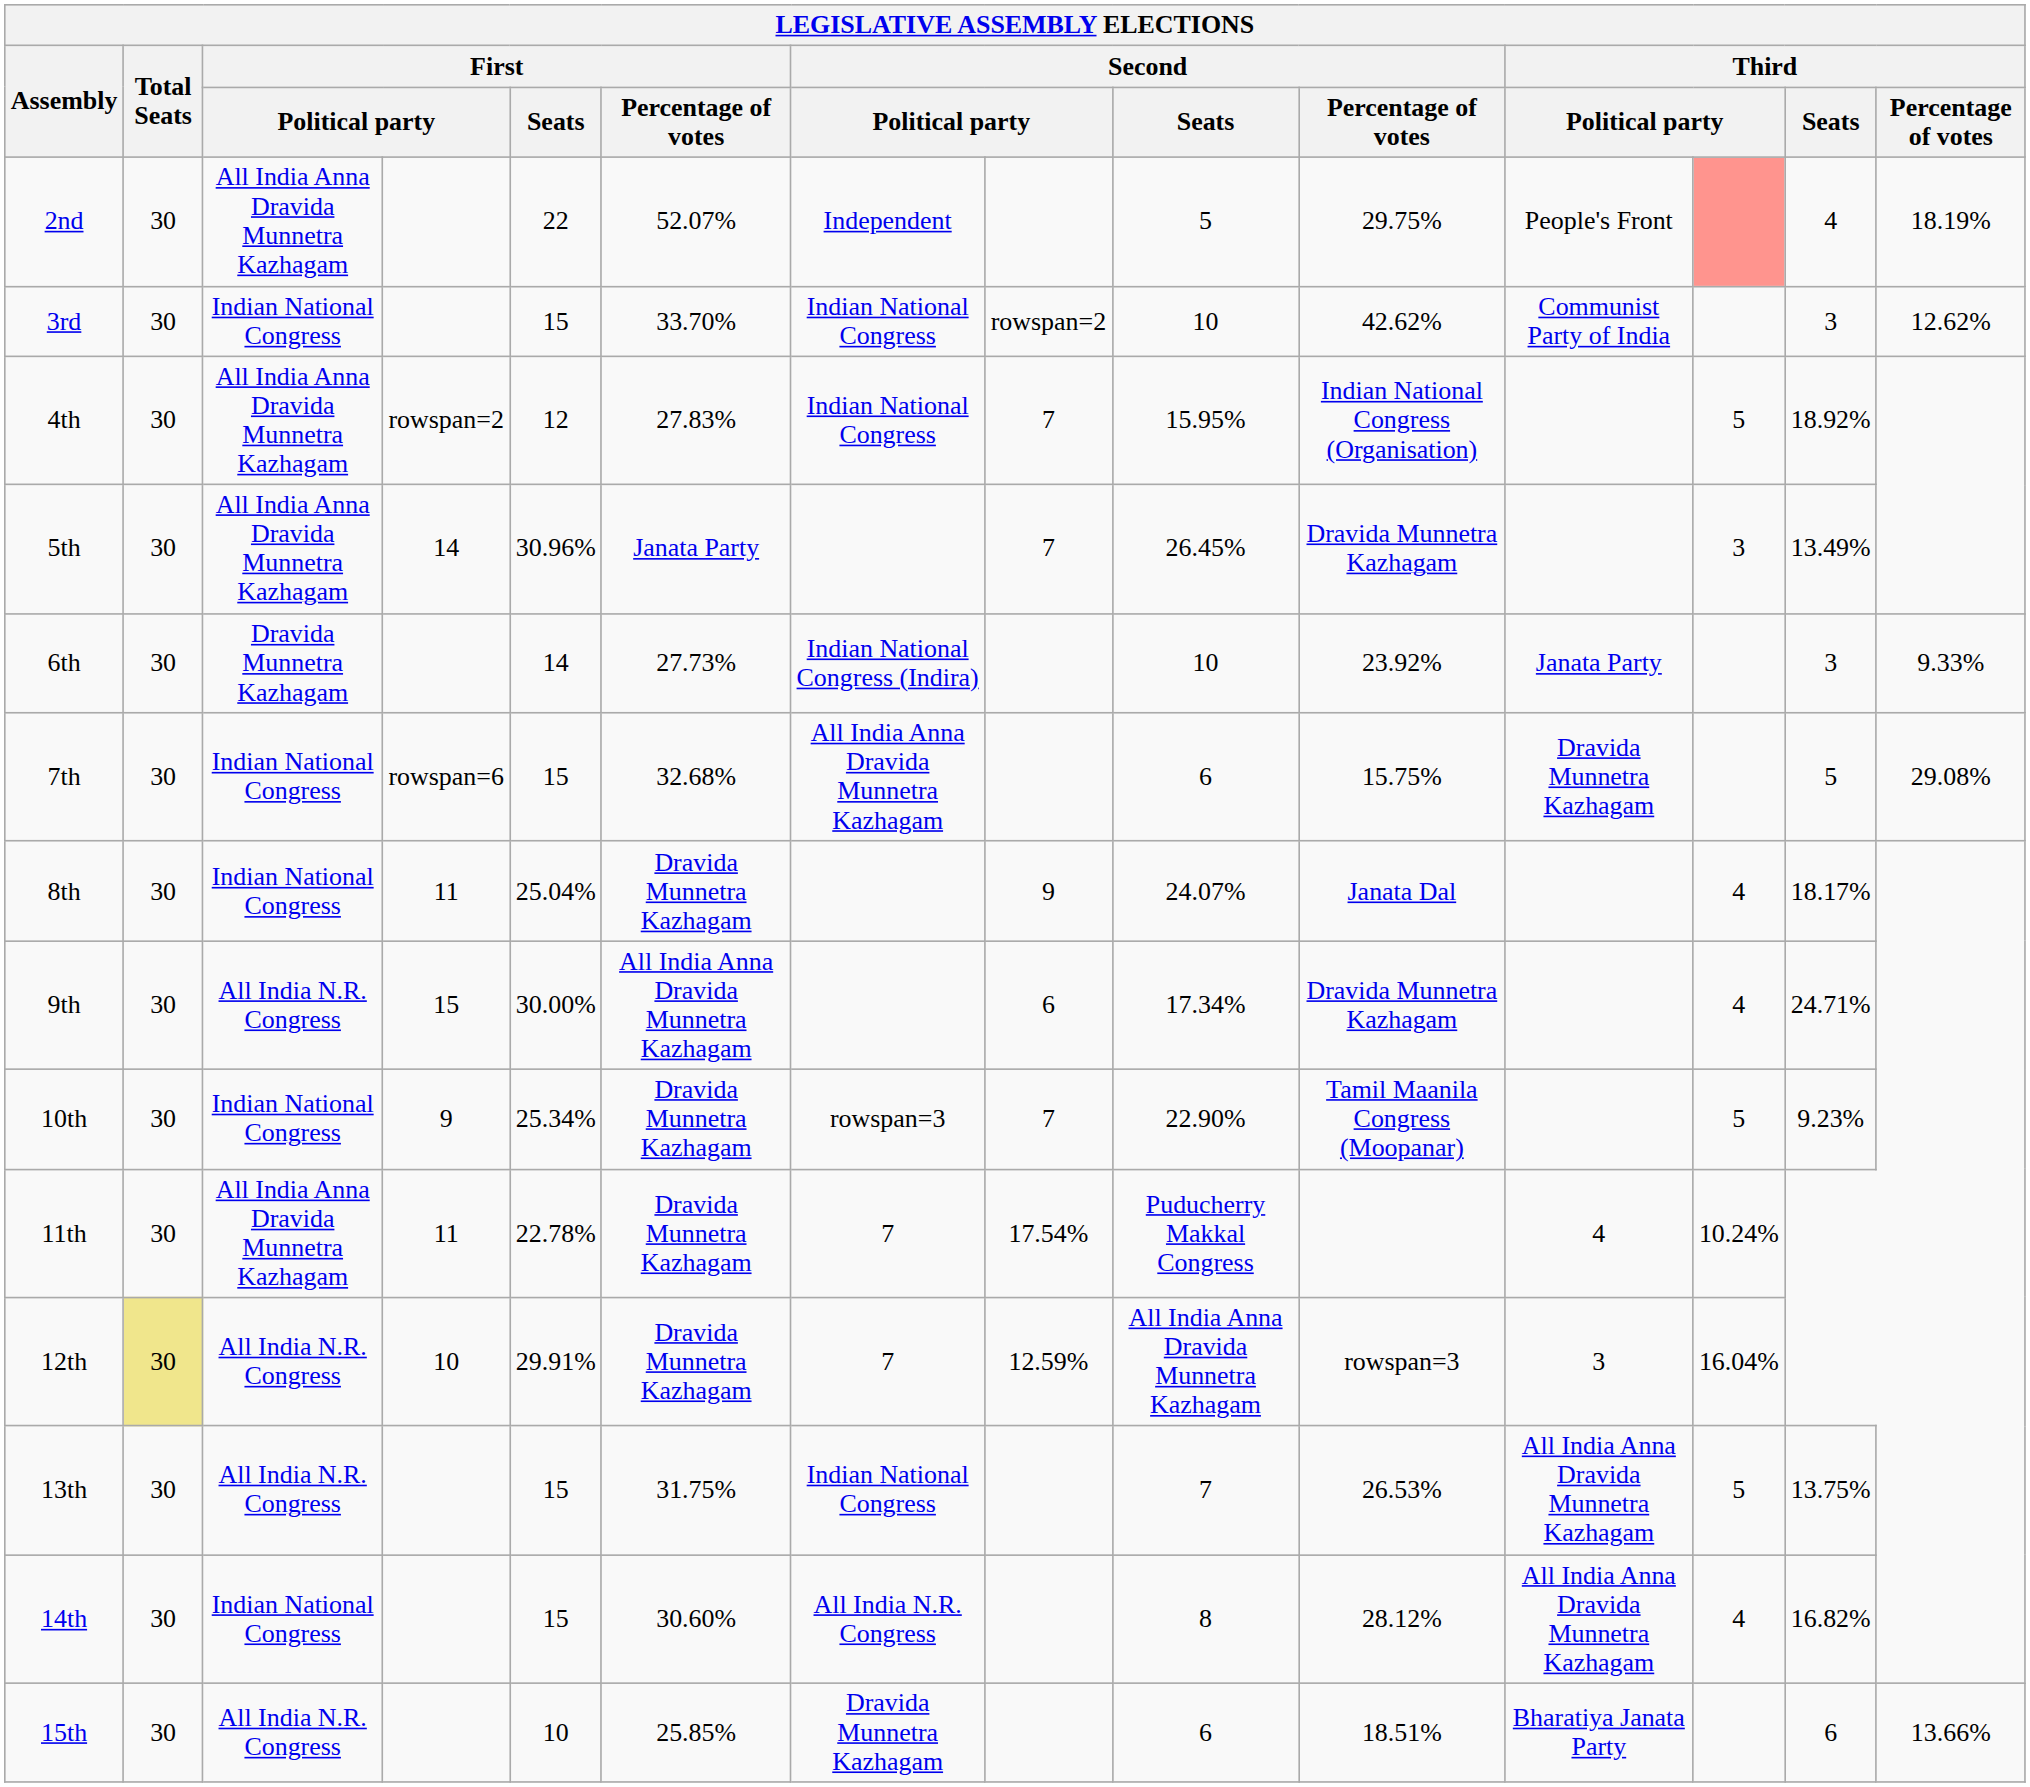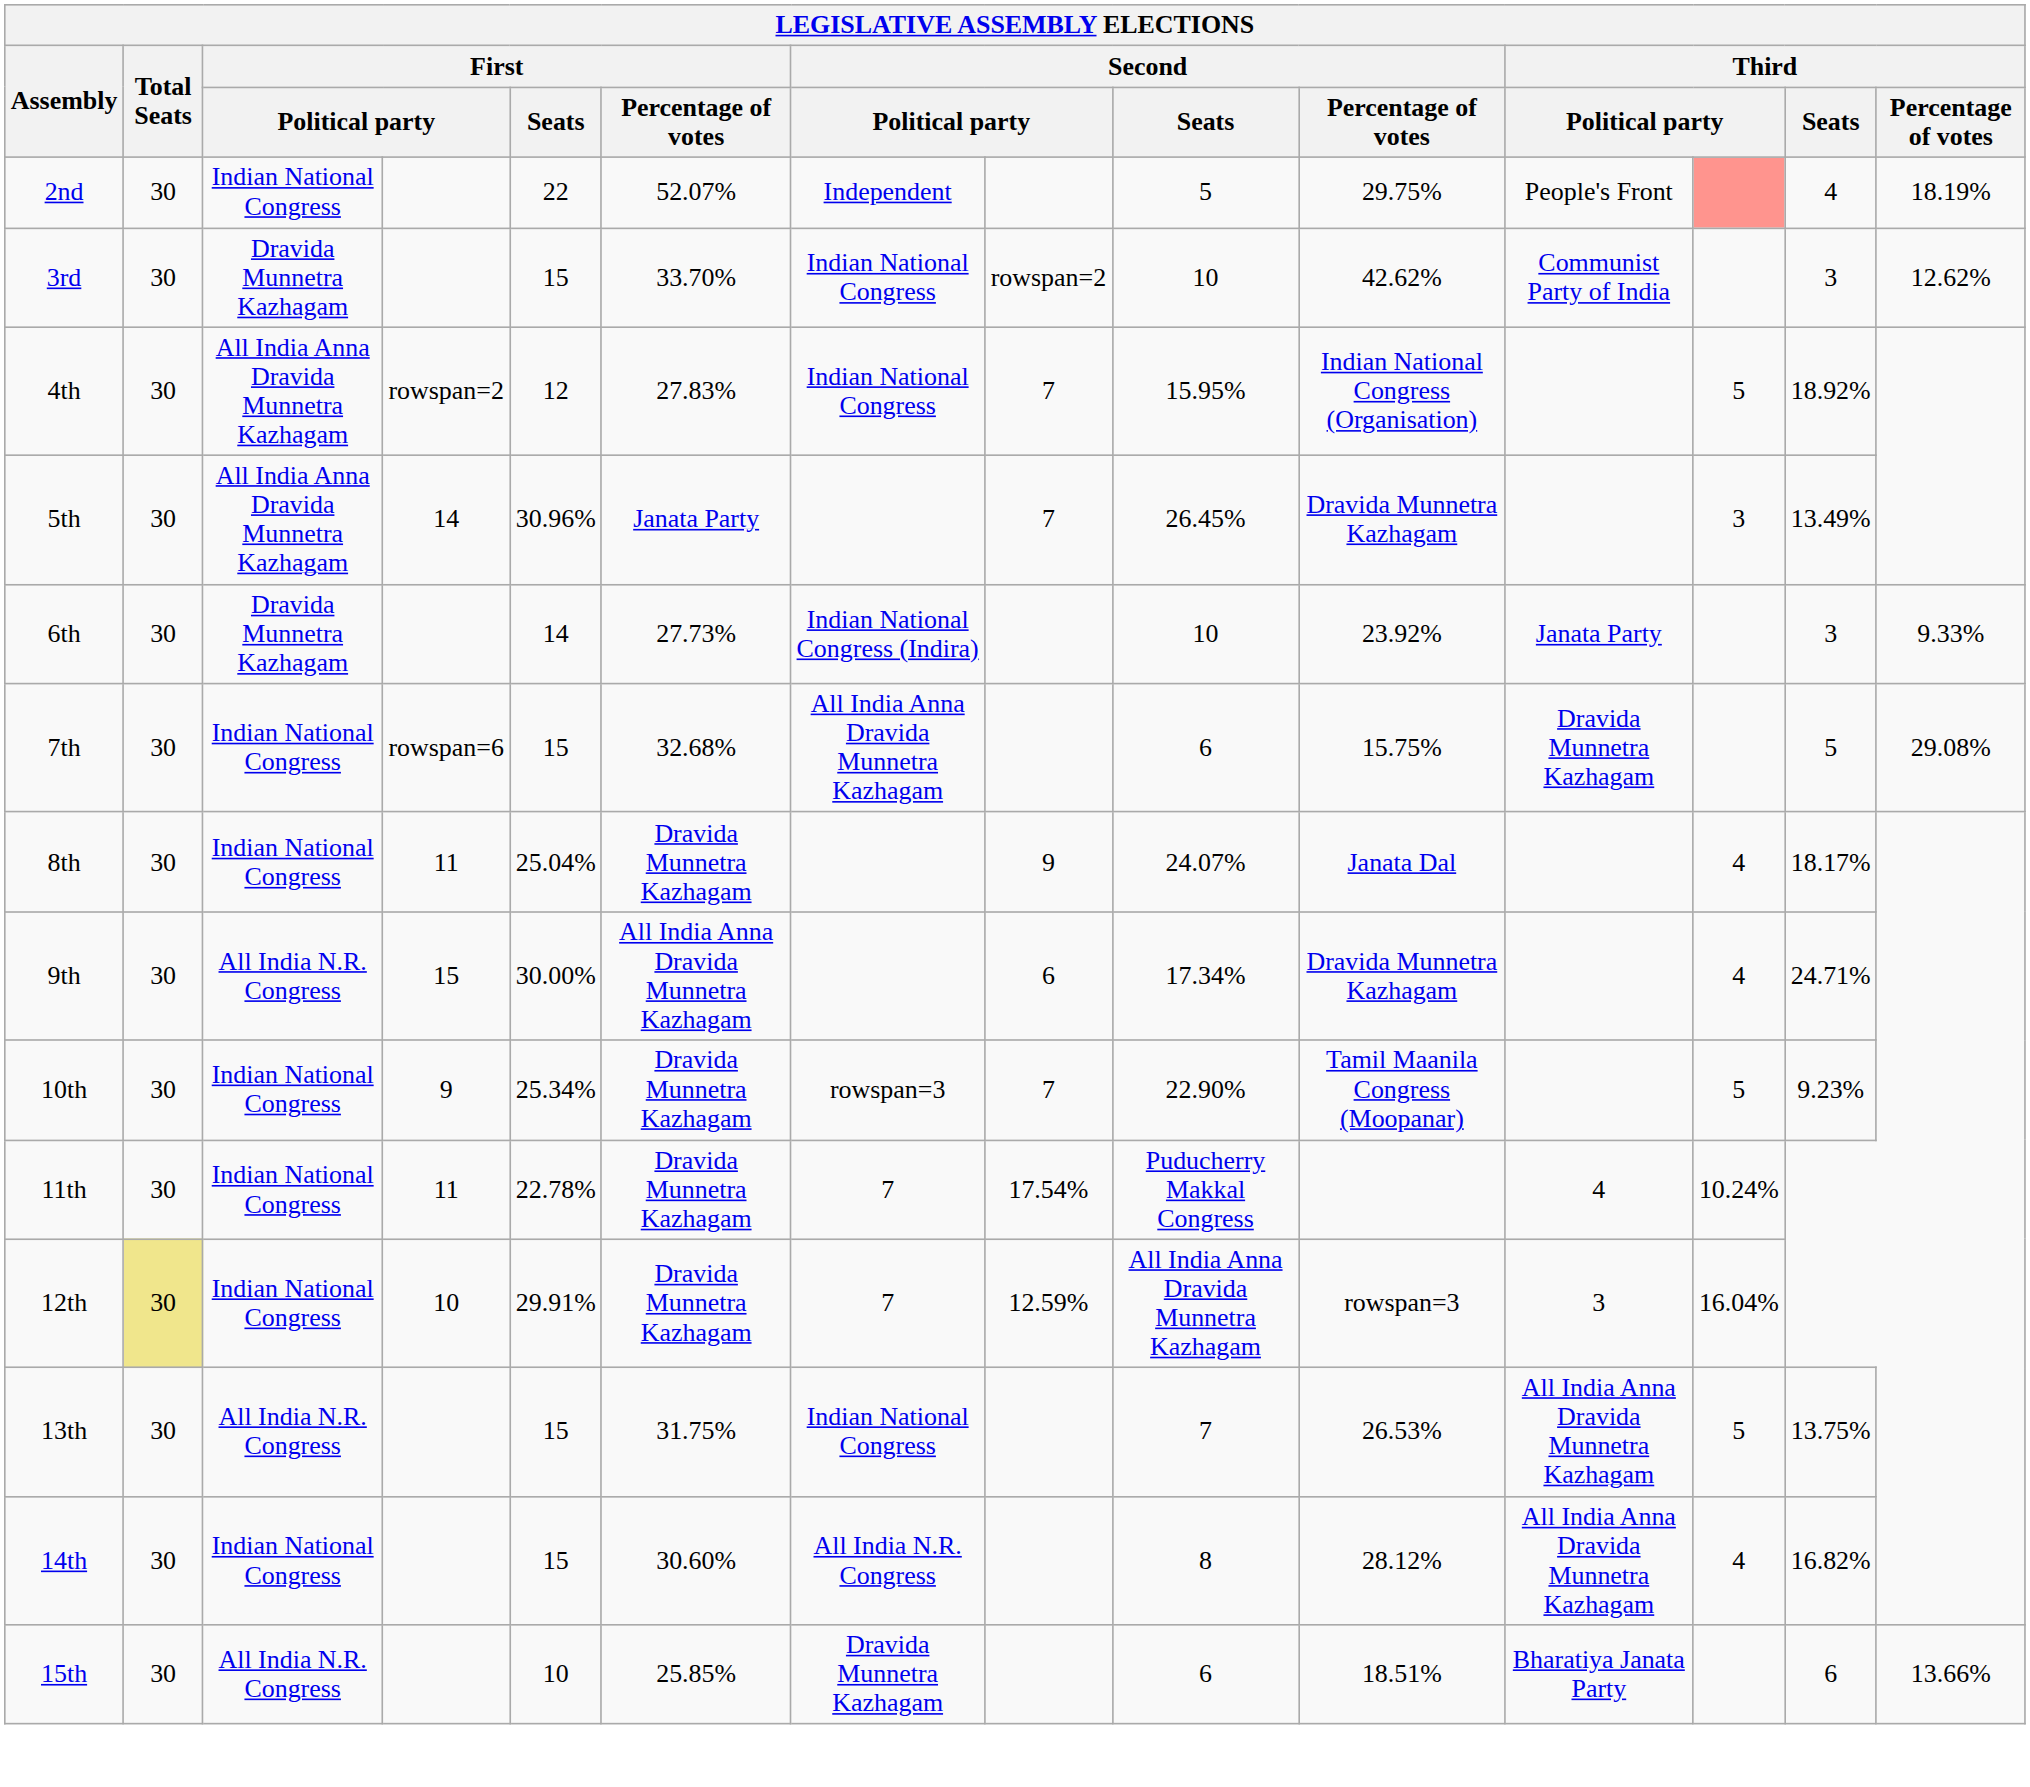 <table class="wikitable" style="text-align:center;">
 <tr>
 <th colspan=14><strong><a href='#'>LEGISLATIVE ASSEMBLY</a> ELECTIONS</strong></th>
 </tr>
 <tr>
 <th rowspan=2>Assembly<br></th>
 <th rowspan=2>Total Seats</th>
 <th colspan=4>First</th>
 <th colspan=4>Second</th>
 <th colspan=4>Third</th>
 </tr>
 <tr>
 <th colspan=2>Political party</th>
 <th>Seats</th>
 <th>Percentage of votes</th>
 <th colspan=2>Political party</th>
 <th>Seats</th>
 <th>Percentage of votes</th>
 <th colspan=2>Political party</th>
 <th>Seats</th>
 <th>Percentage of votes</th>
 </tr>
 <tr>
 <td><a href='#'>2nd</a><br></td>
 <td>30</td>
-<td><a href='#'>All India Anna Dravida Munnetra Kazhagam</a></td>
+<td><a href='#'>Indian National Congress</a></td>
 <td></td>
 <td>22</td>
 <td>52.07%</td>
 <td><a href='#'>Independent</a></td>
 <td></td>
 <td>5</td>
 <td>29.75%</td>
 <td>People's Front</td>
 <td style="background:#FF948E;"></td>
 <td>4</td>
 <td>18.19%</td>
 </tr>
 <tr>
 <td><a href='#'>3rd</a><br></td>
 <td>30</td>
-<td><a href='#'>Indian National Congress</a></td>
+<td><a href='#'>Dravida Munnetra Kazhagam</a></td>
 <td></td>
 <td>15</td>
 <td>33.70%</td>
 <td><a href='#'>Indian National Congress</a></td>
 <td>rowspan=2 </td>
 <td>10</td>
 <td>42.62%</td>
 <td><a href='#'>Communist Party of India</a></td>
 <td></td>
 <td>3</td>
 <td>12.62%</td>
 </tr>
 <tr>
 <td>4th<br></td>
 <td>30</td>
 <td><a href='#'>All India Anna Dravida Munnetra Kazhagam</a></td>
 <td>rowspan=2 </td>
 <td>12</td>
 <td>27.83%</td>
 <td><a href='#'>Indian National Congress</a></td>
 <td>7</td>
 <td>15.95%</td>
 <td><a href='#'>Indian National Congress (Organisation)</a></td>
 <td></td>
 <td>5</td>
 <td>18.92%</td>
 </tr>
 <tr>
 <td>5th<br></td>
 <td>30</td>
 <td><a href='#'>All India Anna Dravida Munnetra Kazhagam</a></td>
 <td>14</td>
 <td>30.96%</td>
 <td><a href='#'>Janata Party</a></td>
 <td></td>
 <td>7</td>
 <td>26.45%</td>
 <td><a href='#'>Dravida Munnetra Kazhagam</a></td>
 <td></td>
 <td>3</td>
 <td>13.49%</td>
 </tr>
 <tr>
 <td>6th<br></td>
 <td>30</td>
 <td><a href='#'>Dravida Munnetra Kazhagam</a></td>
 <td></td>
 <td>14</td>
 <td>27.73%</td>
 <td><a href='#'>Indian National Congress (Indira)</a></td>
 <td></td>
 <td>10</td>
 <td>23.92%</td>
 <td><a href='#'>Janata Party</a></td>
 <td></td>
 <td>3</td>
 <td>9.33%</td>
 </tr>
 <tr>
 <td>7th<br></td>
 <td>30</td>
 <td><a href='#'>Indian National Congress</a></td>
 <td>rowspan=6 </td>
 <td>15</td>
 <td>32.68%</td>
 <td><a href='#'>All India Anna Dravida Munnetra Kazhagam</a></td>
 <td></td>
 <td>6</td>
 <td>15.75%</td>
 <td><a href='#'>Dravida Munnetra Kazhagam</a></td>
 <td></td>
 <td>5</td>
 <td>29.08%</td>
 </tr>
 <tr>
 <td>8th<br></td>
 <td>30</td>
 <td><a href='#'>Indian National Congress</a></td>
 <td>11</td>
 <td>25.04%</td>
 <td><a href='#'>Dravida Munnetra Kazhagam</a></td>
 <td></td>
 <td>9</td>
 <td>24.07%</td>
 <td><a href='#'>Janata Dal</a></td>
 <td></td>
 <td>4</td>
 <td>18.17%</td>
 </tr>
 <tr>
 <td>9th<br></td>
 <td>30</td>
 <td><a href='#'>All India N.R. Congress</a></td>
 <td>15</td>
 <td>30.00%</td>
 <td><a href='#'>All India Anna Dravida Munnetra Kazhagam</a></td>
 <td></td>
 <td>6</td>
 <td>17.34%</td>
 <td><a href='#'>Dravida Munnetra Kazhagam</a></td>
 <td></td>
 <td>4</td>
 <td>24.71%</td>
 </tr>
 <tr>
 <td>10th<br></td>
 <td>30</td>
 <td><a href='#'>Indian National Congress</a></td>
 <td>9</td>
 <td>25.34%</td>
 <td><a href='#'>Dravida Munnetra Kazhagam</a></td>
 <td>rowspan=3 </td>
 <td>7</td>
 <td>22.90%</td>
 <td><a href='#'>Tamil Maanila Congress (Moopanar)</a></td>
 <td></td>
 <td>5</td>
 <td>9.23%</td>
 </tr>
 <tr>
 <td>11th<br></td>
 <td>30</td>
-<td><a href='#'>All India Anna Dravida Munnetra Kazhagam</a></td>
+<td><a href='#'>Indian National Congress</a></td>
 <td>11</td>
 <td>22.78%</td>
 <td><a href='#'>Dravida Munnetra Kazhagam</a></td>
 <td>7</td>
 <td>17.54%</td>
 <td><a href='#'>Puducherry Makkal Congress</a></td>
 <td></td>
 <td>4</td>
 <td>10.24%</td>
 </tr>
 <tr>
 <td>12th<br></td>
 <td style="background: khaki;">30</td>
-<td><a href='#'>All India N.R. Congress</a></td>
+<td><a href='#'>Indian National Congress</a></td>
 <td>10</td>
 <td>29.91%</td>
 <td><a href='#'>Dravida Munnetra Kazhagam</a></td>
 <td>7</td>
 <td>12.59%</td>
 <td><a href='#'>All India Anna Dravida Munnetra Kazhagam</a></td>
 <td>rowspan=3 </td>
 <td>3</td>
 <td>16.04%</td>
 </tr>
 <tr>
 <td>13th<br></td>
 <td>30</td>
 <td><a href='#'>All India N.R. Congress</a></td>
 <td></td>
 <td>15</td>
 <td>31.75%</td>
 <td><a href='#'>Indian National Congress</a></td>
 <td></td>
 <td>7</td>
 <td>26.53%</td>
 <td><a href='#'>All India Anna Dravida Munnetra Kazhagam</a></td>
 <td>5</td>
 <td>13.75%</td>
 </tr>
 <tr>
 <td><a href='#'>14th</a><br></td>
 <td>30</td>
 <td><a href='#'>Indian National Congress</a></td>
 <td></td>
 <td>15</td>
 <td>30.60%</td>
 <td><a href='#'>All India N.R. Congress</a></td>
 <td></td>
 <td>8</td>
 <td>28.12%</td>
 <td><a href='#'>All India Anna Dravida Munnetra Kazhagam</a></td>
 <td>4</td>
 <td>16.82%</td>
 </tr>
 <tr>
 <td><a href='#'>15th</a><br></td>
 <td>30</td>
 <td><a href='#'>All India N.R. Congress</a></td>
 <td></td>
 <td>10</td>
 <td>25.85%</td>
 <td><a href='#'>Dravida Munnetra Kazhagam</a></td>
 <td></td>
 <td>6</td>
 <td>18.51%</td>
 <td><a href='#'>Bharatiya Janata Party</a></td>
 <td></td>
 <td>6</td>
 <td>13.66%</td>
 </tr>
 </table>
